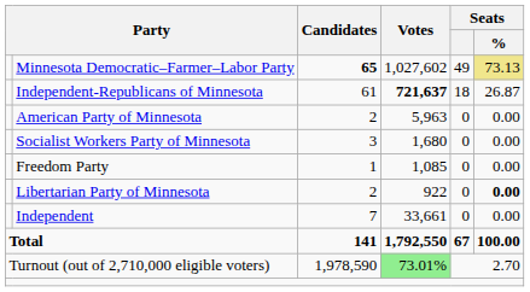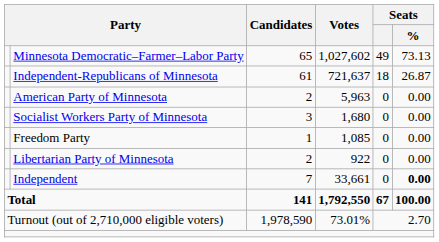 <table class="wikitable">
 <tr>
 <th rowspan="2" colspan="2">Party</th>
 <th rowspan="2">Candidates</th>
 <th rowspan="2" colspan="1">Votes</th>
 <th colspan="2">Seats</th>
 </tr>
 <tr>
 <th></th>
 <th>%</th>
 </tr>
 <tr>
 <td style="background-color:"></td>
 <td><a href='#'>Minnesota Democratic–Farmer–Labor Party</a></td>
-<td align="right"><strong>65</strong></td>
+<td align="right">65</td>
 <td align="right">1,027,602</td>
 <td align="right">49</td>
-<td align="right" style="background: khaki;">73.13</td>
+<td align="right">73.13</td>
 </tr>
 <tr>
 <td style="background-color:"></td>
 <td><a href='#'>Independent-Republicans of Minnesota</a></td>
 <td align="right">61</td>
-<td align="right"><strong>721,637</strong></td>
+<td align="right">721,637</td>
 <td align="right">18</td>
 <td align="right">26.87</td>
 </tr>
 <tr>
 <td style="background-color:"></td>
 <td><a href='#'>American Party of Minnesota</a></td>
 <td align="right">2</td>
 <td align="right">5,963</td>
 <td align="right">0</td>
 <td align="right">0.00</td>
 </tr>
 <tr>
 <td style="background-color:"></td>
 <td><a href='#'>Socialist Workers Party of Minnesota</a></td>
 <td align="right">3</td>
 <td align="right">1,680</td>
 <td align="right">0</td>
 <td align="right">0.00</td>
 </tr>
 <tr>
 <td></td>
 <td>Freedom Party</td>
 <td align="right">1</td>
 <td align="right">1,085</td>
 <td align="right">0</td>
 <td align="right">0.00</td>
 </tr>
 <tr>
 <td style="background-color:"></td>
 <td><a href='#'>Libertarian Party of Minnesota</a></td>
 <td align="right">2</td>
 <td align="right">922</td>
 <td align="right">0</td>
-<td align="right"><strong>0.00</strong></td>
+<td align="right">0.00</td>
 </tr>
 <tr>
 <td style="background-color:"></td>
 <td><a href='#'>Independent</a></td>
 <td align="right">7</td>
 <td align="right">33,661</td>
 <td align="right">0</td>
-<td align="right">0.00</td>
+<td align="right"><strong>0.00</strong></td>
 </tr>
 <tr>
 <td colspan="2" align="left"><strong>Total</strong></td>
 <td align="right"><strong>141</strong></td>
 <td align="right"><strong>1,792,550</strong></td>
 <td align="right"><strong>67</strong></td>
 <td align="right"><strong>100.00</strong></td>
 </tr>
 <tr>
 <td colspan="2" align="left">Turnout (out of 2,710,000 eligible voters)</td>
 <td colspan="1" align="right">1,978,590</td>
-<td colspan="1" align="right" style="background: lightgreen;">73.01%</td>
+<td colspan="1" align="right">73.01%</td>
 <td colspan="2" align="right">2.70 </td>
 </tr>
 <tr>
 <td colspan="6"></td>
 </tr>
 </table>
